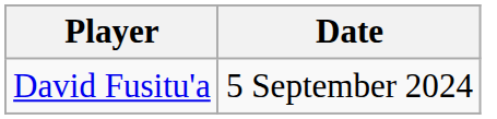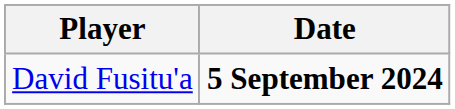 <table class="wikitable">
 <tr>
 <th>Player</th>
 <th>Date</th>
 </tr>
 <tr>
 <td> <a href='#'>David Fusitu'a</a></td>
-<td>5 September 2024</td>
+<td><strong>5 September 2024</strong></td>
 </tr>
 </table>
